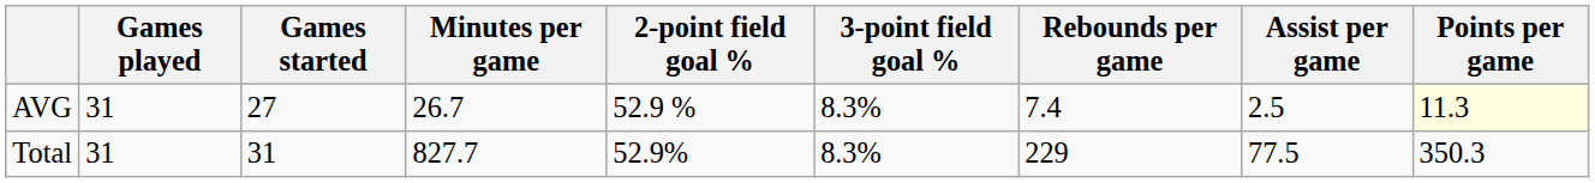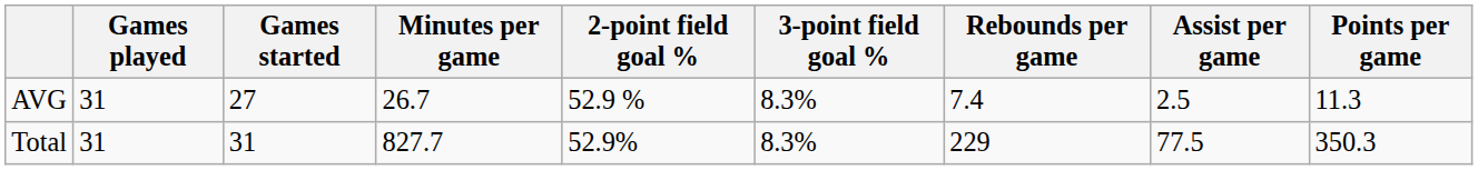 <table class="wikitable">
 <tr>
 <th></th>
 <th>Games played</th>
 <th>Games started</th>
 <th>Minutes per game</th>
 <th>2-point field goal %</th>
 <th>3-point field goal %</th>
 <th>Rebounds per game</th>
 <th>Assist per game</th>
 <th>Points per game</th>
 </tr>
 <tr>
 <td>AVG</td>
 <td>31</td>
 <td>27</td>
 <td>26.7</td>
 <td>52.9 %</td>
 <td>8.3%</td>
 <td>7.4</td>
 <td>2.5</td>
-<td style="background: lightyellow;">11.3</td>
+<td>11.3</td>
 </tr>
 <tr>
 <td>Total</td>
 <td>31</td>
 <td>31</td>
 <td>827.7</td>
 <td>52.9%</td>
 <td>8.3%</td>
 <td>229</td>
 <td>77.5</td>
 <td>350.3</td>
 </tr>
 </table>
